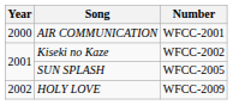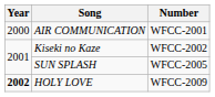 <table class="wikitable sortable">
 <tr>
 <th>Year</th>
 <th>Song</th>
 <th>Number</th>
 </tr>
 <tr>
 <td>2000</td>
 <td><em>AIR COMMUNICATION</em></td>
 <td>WFCC-2001</td>
 </tr>
 <tr>
 <td rowspan="2">2001</td>
 <td><em>Kiseki no Kaze</em></td>
 <td>WFCC-2002</td>
 </tr>
 <tr>
 <td><em>SUN SPLASH</em></td>
 <td>WFCC-2005</td>
 </tr>
 <tr>
-<td>2002</td>
+<td><strong>2002</strong></td>
 <td><em>HOLY LOVE</em></td>
 <td>WFCC-2009</td>
 </tr>
 </table>
